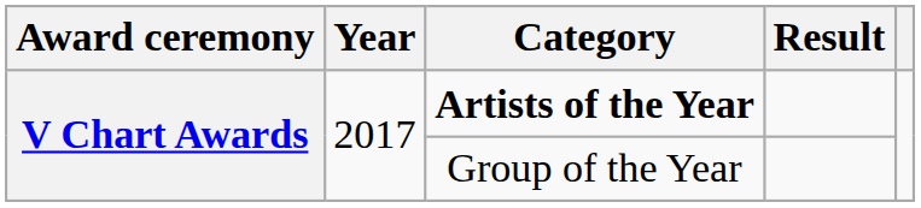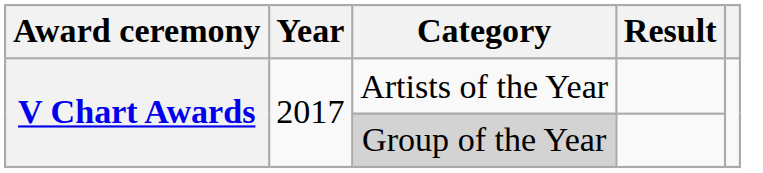 <table class="wikitable plainrowheaders" style="text-align:center;">
 <tr>
 <th>Award ceremony</th>
 <th>Year</th>
 <th>Category</th>
 <th>Result</th>
 <th></th>
 </tr>
 <tr>
 <th rowspan="2" scope="row"><a href='#'>V Chart Awards</a></th>
 <td rowspan="2">2017</td>
-<td><strong>Artists of the Year</strong></td>
+<td>Artists of the Year</td>
 <td></td>
 <td rowspan="2"></td>
 </tr>
 <tr>
-<td>Group of the Year</td>
+<td style="background: lightgrey;">Group of the Year</td>
 <td></td>
 </tr>
 </table>
